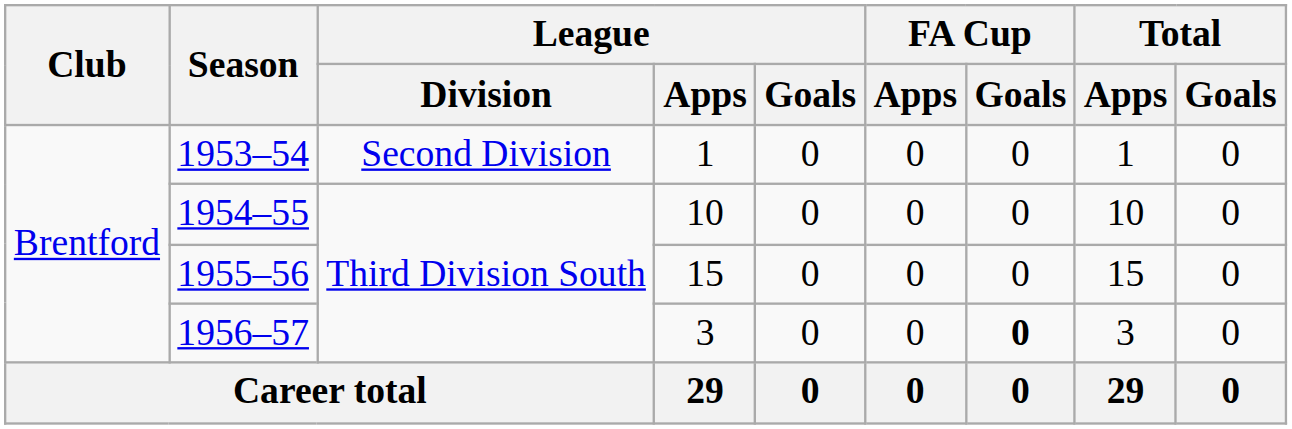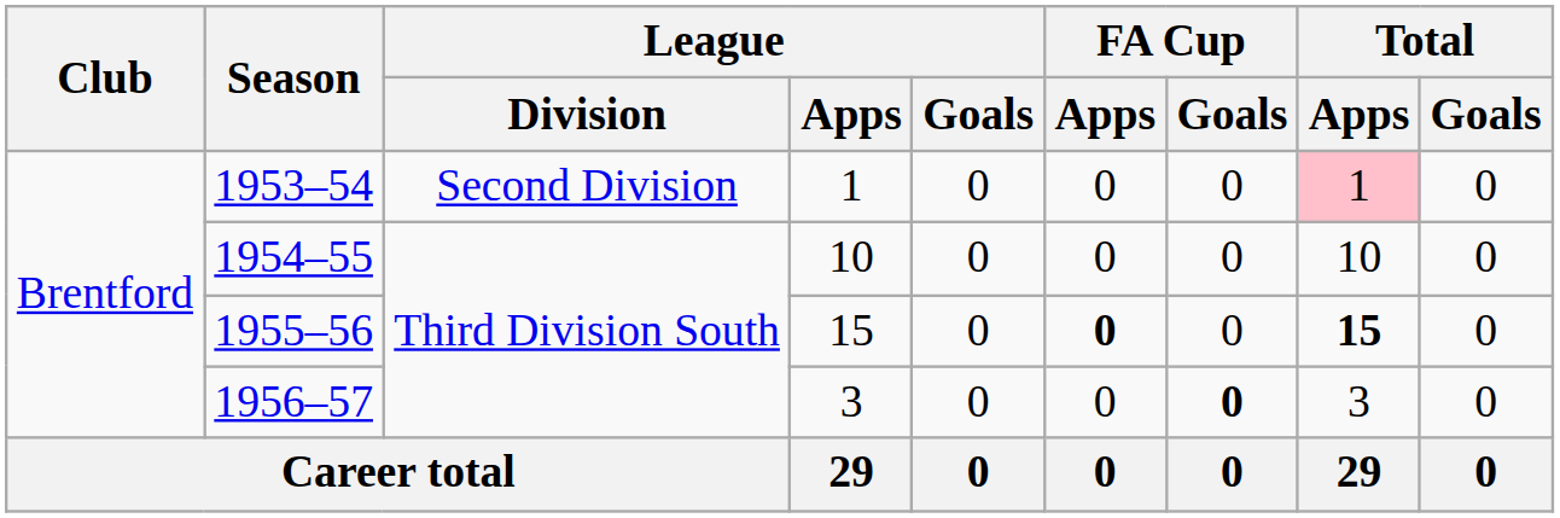 <table class="wikitable" style="text-align: center;">
 <tr>
 <th rowspan="2">Club</th>
 <th rowspan="2">Season</th>
 <th colspan="3">League</th>
 <th colspan="2">FA Cup</th>
 <th colspan="2">Total</th>
 </tr>
 <tr>
 <th>Division</th>
 <th>Apps</th>
 <th>Goals</th>
 <th>Apps</th>
 <th>Goals</th>
 <th>Apps</th>
 <th>Goals</th>
 </tr>
 <tr>
 <td rowspan="4"><a href='#'>Brentford</a></td>
 <td><a href='#'>1953–54</a></td>
 <td><a href='#'>Second Division</a></td>
 <td>1</td>
 <td>0</td>
 <td>0</td>
 <td>0</td>
-<td>1</td>
+<td style="background: pink;">1</td>
 <td>0</td>
 </tr>
 <tr>
 <td><a href='#'>1954–55</a></td>
 <td rowspan="3"><a href='#'>Third Division South</a></td>
 <td>10</td>
 <td>0</td>
 <td>0</td>
 <td>0</td>
 <td>10</td>
 <td>0</td>
 </tr>
 <tr>
 <td><a href='#'>1955–56</a></td>
 <td>15</td>
 <td>0</td>
+<td><strong>0</strong></td>
 <td>0</td>
-<td>0</td>
-<td>15</td>
+<td><strong>15</strong></td>
 <td>0</td>
 </tr>
 <tr>
 <td><a href='#'>1956–57</a></td>
 <td>3</td>
 <td>0</td>
 <td>0</td>
 <td><strong>0</strong></td>
 <td>3</td>
 <td>0</td>
 </tr>
 <tr>
 <th colspan="3">Career total</th>
 <th>29</th>
 <th>0</th>
 <th>0</th>
 <th>0</th>
 <th>29</th>
 <th>0</th>
 </tr>
 </table>
